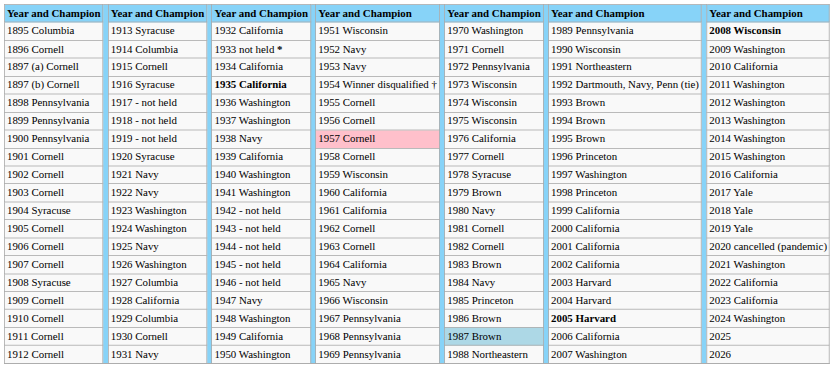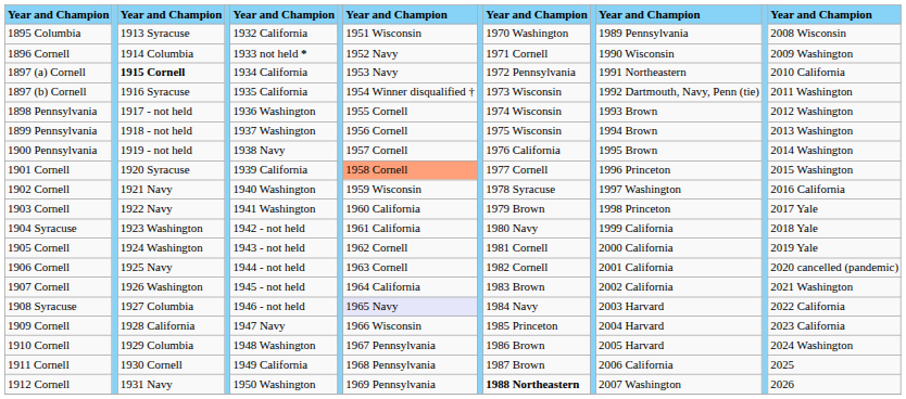 <table class="wikitable" style="font-size:85%;">
 <tr ! style="background-color: #87D3F8;">
 <td><strong>Year and Champion</strong></td>
 <td rowspan=20></td>
 <td><strong>Year and Champion</strong></td>
 <td rowspan=20></td>
 <td><strong>Year and Champion</strong></td>
 <td rowspan=20></td>
 <td><strong>Year and Champion</strong></td>
 <td rowspan=20></td>
 <td><strong>Year and Champion</strong></td>
 <td rowspan=20></td>
 <td><strong>Year and Champion</strong></td>
 <td rowspan=20></td>
 <td><strong>Year and Champion</strong></td>
 </tr>
 <tr --->
 <td>1895 Columbia</td>
 <td>1913 Syracuse</td>
 <td>1932 California</td>
 <td>1951 Wisconsin</td>
 <td>1970 Washington</td>
 <td>1989 Pennsylvania</td>
-<td><strong>2008 Wisconsin</strong></td>
+<td>2008 Wisconsin</td>
 </tr>
 <tr --->
 <td>1896 Cornell</td>
 <td>1914 Columbia</td>
 <td>1933 not held <strong>*</strong></td>
 <td>1952 Navy</td>
 <td>1971 Cornell</td>
 <td>1990 Wisconsin</td>
 <td>2009 Washington</td>
 </tr>
 <tr --->
 <td>1897 (a) Cornell</td>
-<td>1915 Cornell</td>
+<td><strong>1915 Cornell</strong></td>
 <td>1934 California</td>
 <td>1953 Navy</td>
 <td>1972 Pennsylvania</td>
 <td>1991 Northeastern</td>
 <td>2010 California</td>
 </tr>
 <tr --->
 <td>1897 (b) Cornell</td>
 <td>1916 Syracuse</td>
-<td><strong>1935 California</strong></td>
+<td>1935 California</td>
 <td>1954 Winner disqualified †</td>
 <td>1973 Wisconsin</td>
 <td>1992 Dartmouth, Navy, Penn (tie)</td>
 <td>2011 Washington</td>
 </tr>
 <tr --->
 <td>1898 Pennsylvania</td>
 <td>1917 - not held</td>
 <td>1936 Washington</td>
 <td>1955 Cornell</td>
 <td>1974 Wisconsin</td>
 <td>1993 Brown</td>
 <td>2012 Washington</td>
 </tr>
 <tr --->
 <td>1899 Pennsylvania</td>
 <td>1918 - not held</td>
 <td>1937 Washington</td>
 <td>1956 Cornell</td>
 <td>1975 Wisconsin</td>
 <td>1994 Brown</td>
 <td>2013 Washington</td>
 </tr>
 <tr --->
 <td>1900 Pennsylvania</td>
 <td>1919 - not held</td>
 <td>1938 Navy</td>
-<td style="background: pink;">1957 Cornell</td>
+<td>1957 Cornell</td>
 <td>1976 California</td>
 <td>1995 Brown</td>
 <td>2014 Washington</td>
 </tr>
 <tr --->
 <td>1901 Cornell</td>
 <td>1920 Syracuse</td>
 <td>1939 California</td>
-<td>1958 Cornell</td>
+<td style="background: lightsalmon;">1958 Cornell</td>
 <td>1977 Cornell</td>
 <td>1996 Princeton</td>
 <td>2015 Washington</td>
 </tr>
 <tr --->
 <td>1902 Cornell</td>
 <td>1921 Navy</td>
 <td>1940 Washington</td>
 <td>1959 Wisconsin</td>
 <td>1978 Syracuse</td>
 <td>1997 Washington</td>
 <td>2016 California</td>
 </tr>
 <tr --->
 <td>1903 Cornell</td>
 <td>1922 Navy</td>
 <td>1941 Washington</td>
 <td>1960 California</td>
 <td>1979 Brown</td>
 <td>1998 Princeton</td>
 <td>2017 Yale</td>
 </tr>
 <tr --->
 <td>1904 Syracuse</td>
 <td>1923 Washington</td>
 <td>1942 - not held</td>
 <td>1961 California</td>
 <td>1980 Navy</td>
 <td>1999 California</td>
 <td>2018 Yale</td>
 </tr>
 <tr --->
 <td>1905 Cornell</td>
 <td>1924 Washington</td>
 <td>1943 - not held</td>
 <td>1962 Cornell</td>
 <td>1981 Cornell</td>
 <td>2000 California</td>
 <td>2019 Yale</td>
 </tr>
 <tr --->
 <td>1906 Cornell</td>
 <td>1925 Navy</td>
 <td>1944 - not held</td>
 <td>1963 Cornell</td>
 <td>1982 Cornell</td>
 <td>2001 California</td>
 <td>2020 cancelled (pandemic)</td>
 </tr>
 <tr --->
 <td>1907 Cornell</td>
 <td>1926 Washington</td>
 <td>1945 - not held</td>
 <td>1964 California</td>
 <td>1983 Brown</td>
 <td>2002 California</td>
 <td>2021 Washington</td>
 </tr>
 <tr --->
 <td>1908 Syracuse</td>
 <td>1927 Columbia</td>
 <td>1946 - not held</td>
-<td>1965 Navy</td>
+<td style="background: lavender;">1965 Navy</td>
 <td>1984 Navy</td>
 <td>2003 Harvard</td>
 <td>2022 California</td>
 </tr>
 <tr --->
 <td>1909 Cornell</td>
 <td>1928 California</td>
 <td>1947 Navy</td>
 <td>1966 Wisconsin</td>
 <td>1985 Princeton</td>
 <td>2004 Harvard</td>
 <td>2023 California</td>
 </tr>
 <tr --->
 <td>1910 Cornell</td>
 <td>1929 Columbia</td>
 <td>1948 Washington</td>
 <td>1967 Pennsylvania</td>
 <td>1986 Brown</td>
-<td><strong>2005 Harvard</strong></td>
+<td>2005 Harvard</td>
 <td>2024 Washington</td>
 </tr>
 <tr --->
 <td>1911 Cornell</td>
 <td>1930 Cornell</td>
 <td>1949 California</td>
 <td>1968 Pennsylvania</td>
-<td style="background: lightblue;">1987 Brown</td>
+<td>1987 Brown</td>
 <td>2006 California</td>
 <td>2025</td>
 </tr>
 <tr --->
 <td>1912 Cornell</td>
 <td>1931 Navy</td>
 <td>1950 Washington</td>
 <td>1969 Pennsylvania</td>
-<td>1988 Northeastern</td>
+<td><strong>1988 Northeastern</strong></td>
 <td>2007 Washington</td>
 <td>2026</td>
 </tr>
 <tr --->
 </tr>
 </table>
